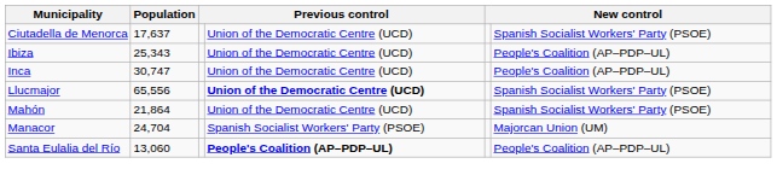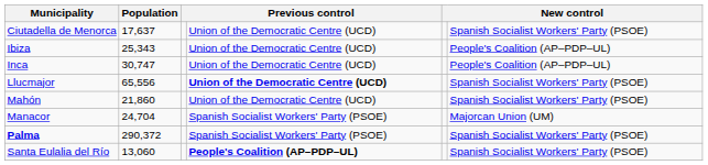 <table class="wikitable sortable">
 <tr>
 <th>Municipality</th>
 <th>Population</th>
 <th colspan="2" style="width:375px;">Previous control</th>
 <th colspan="2" style="width:375px;">New control</th>
 </tr>
 <tr>
 <td><a href='#'>Ciutadella de Menorca</a></td>
 <td>17,637</td>
 <td width="1" style="color:inherit;background:"></td>
 <td><a href='#'>Union of the Democratic Centre</a> (UCD)</td>
 <td width="1" style="color:inherit;background:"></td>
 <td><a href='#'>Spanish Socialist Workers' Party</a> (PSOE)</td>
 </tr>
 <tr>
 <td><a href='#'>Ibiza</a></td>
 <td>25,343</td>
 <td style="color:inherit;background:"></td>
 <td><a href='#'>Union of the Democratic Centre</a> (UCD)</td>
 <td style="color:inherit;background:"></td>
 <td><a href='#'>People's Coalition</a> (AP–PDP–UL)</td>
 </tr>
 <tr>
 <td><a href='#'>Inca</a></td>
 <td>30,747</td>
 <td style="color:inherit;background:"></td>
 <td><a href='#'>Union of the Democratic Centre</a> (UCD)</td>
 <td style="color:inherit;background:"></td>
 <td><a href='#'>People's Coalition</a> (AP–PDP–UL)</td>
 </tr>
 <tr>
 <td><a href='#'>Llucmajor</a></td>
 <td>65,556</td>
 <td style="color:inherit;background:"></td>
 <td><strong><a href='#'>Union of the Democratic Centre</a> (UCD)</strong></td>
 <td style="color:inherit;background:"></td>
 <td><a href='#'>Spanish Socialist Workers' Party</a> (PSOE)</td>
 </tr>
 <tr>
 <td><a href='#'>Mahón</a></td>
-<td>21,864</td>
+<td>21,860</td>
 <td style="color:inherit;background:"></td>
 <td><a href='#'>Union of the Democratic Centre</a> (UCD)</td>
 <td style="color:inherit;background:"></td>
 <td><a href='#'>Spanish Socialist Workers' Party</a> (PSOE)</td>
 </tr>
 <tr>
 <td><a href='#'>Manacor</a></td>
 <td>24,704</td>
 <td style="color:inherit;background:"></td>
 <td><a href='#'>Spanish Socialist Workers' Party</a> (PSOE)</td>
 <td style="color:inherit;background:"></td>
 <td><a href='#'>Majorcan Union</a> (UM)</td>
 </tr>
 <tr>
+<td><strong><a href='#'>Palma</a></strong></td>
+<td>290,372</td>
+<td style="color:inherit;background:"></td>
+<td><a href='#'>Spanish Socialist Workers' Party</a> (PSOE)</td>
+<td style="color:inherit;background:"></td>
+<td><a href='#'>Spanish Socialist Workers' Party</a> (PSOE)</td>
+</tr>
+<tr>
 <td><a href='#'>Santa Eulalia del Río</a></td>
 <td>13,060</td>
 <td style="color:inherit;background:"></td>
 <td><strong><a href='#'>People's Coalition</a> (AP–PDP–UL)</strong></td>
 <td style="color:inherit;background:"></td>
-<td><a href='#'>People's Coalition</a> (AP–PDP–UL)</td>
+<td><a href='#'>Spanish Socialist Workers' Party</a> (PSOE)</td>
 </tr>
 </table>
